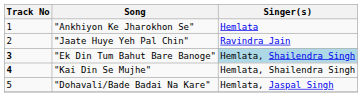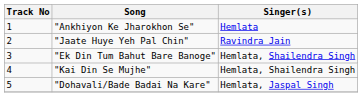 <table class="wikitable sortable">
 <tr>
 <th>Track No</th>
 <th>Song</th>
 <th>Singer(s)</th>
 </tr>
 <tr>
 <td>1</td>
 <td>"Ankhiyon Ke Jharokhon Se"</td>
 <td><a href='#'>Hemlata</a></td>
 </tr>
 <tr>
 <td>2</td>
 <td>"Jaate Huye Yeh Pal Chin"</td>
 <td><a href='#'>Ravindra Jain</a></td>
 </tr>
 <tr>
-<td><strong>3</strong></td>
+<td>3</td>
 <td>"Ek Din Tum Bahut Bare Banoge"</td>
-<td style="background: lightblue;">Hemlata, <a href='#'>Shailendra Singh</a></td>
+<td>Hemlata, <a href='#'>Shailendra Singh</a></td>
 </tr>
 <tr>
-<td><strong>4</strong></td>
+<td>4</td>
 <td>"Kai Din Se Mujhe"</td>
 <td>Hemlata, Shailendra Singh</td>
 </tr>
 <tr>
 <td>5</td>
 <td>"Dohavali/Bade Badai Na Kare"</td>
 <td>Hemlata, <a href='#'>Jaspal Singh</a></td>
 </tr>
 <tr>
 </tr>
 </table>
